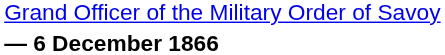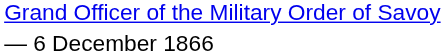 <table>
 <tr>
 <td rowspan=2 style="width:60px; vertical-align:top;"></td>
 <td><a href='#'>Grand Officer of the Military Order of Savoy</a></td>
 </tr>
 <tr>
-<td><strong>— 6 December 1866</strong></td>
+<td>— 6 December 1866</td>
 </tr>
 </table>
